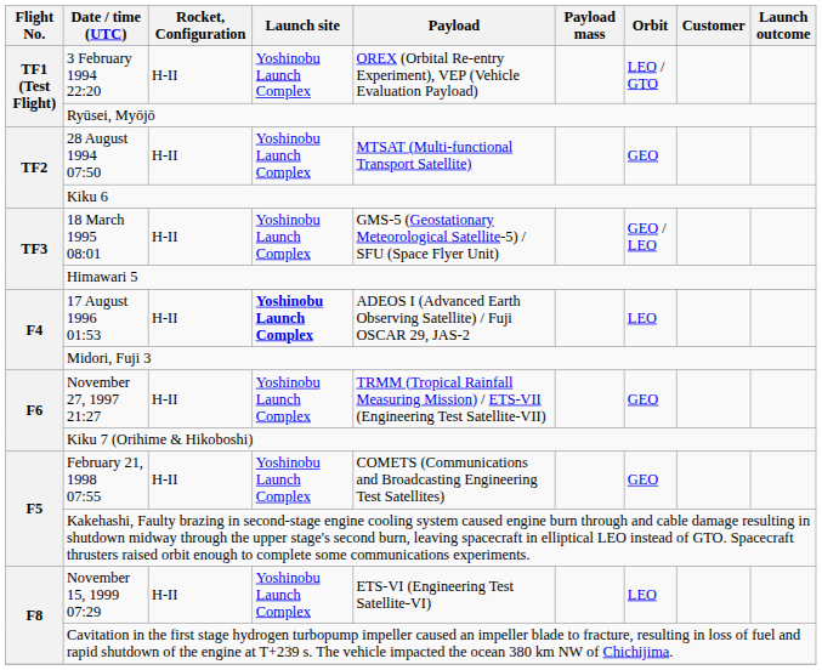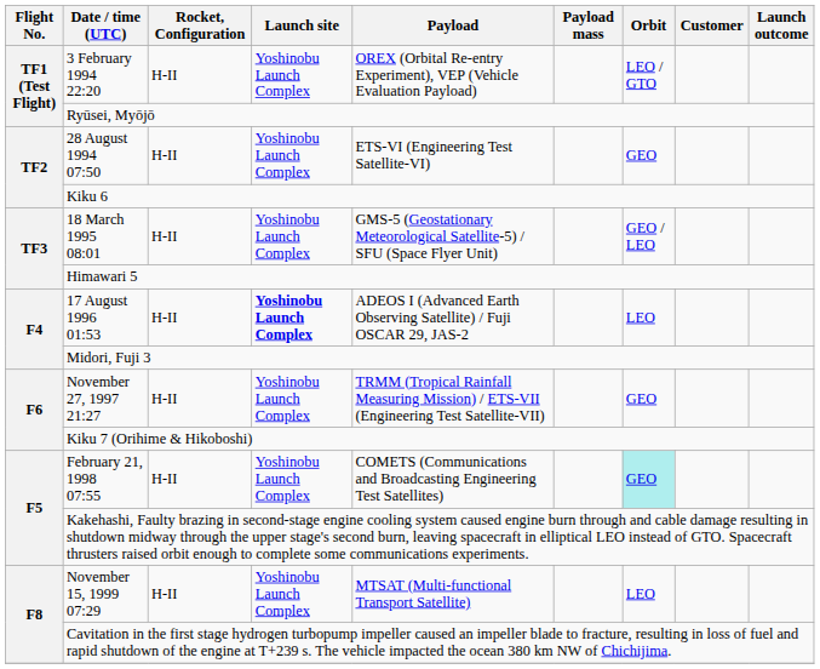 <table class="wikitable">
 <tr>
 <th scope="col">Flight No.</th>
 <th scope="col">Date / time (<a href='#'>UTC</a>)</th>
 <th scope="col">Rocket, <br> Configuration</th>
 <th scope="col">Launch site</th>
 <th scope="col">Payload</th>
 <th scope="col">Payload mass</th>
 <th scope="col">Orbit</th>
 <th scope="col">Customer</th>
 <th scope="col">Launch <br> outcome</th>
 </tr>
 <tr>
 <th scope="row" rowspan=2 style="text-align:center;">TF1 (Test Flight)</th>
 <td>3 February 1994<br>22:20</td>
 <td>H-II</td>
 <td><a href='#'>Yoshinobu Launch Complex</a></td>
 <td><a href='#'>OREX</a> (Orbital Re-entry Experiment), VEP (Vehicle Evaluation Payload)</td>
 <td></td>
 <td><a href='#'>LEO</a> / <a href='#'>GTO</a></td>
 <td></td>
 <td></td>
 </tr>
 <tr>
 <td colspan="8">Ryūsei, Myōjō</td>
 </tr>
 <tr>
 <th scope="row" rowspan=2 style="text-align:center;">TF2</th>
 <td>28 August 1994<br>07:50</td>
 <td>H-II</td>
 <td><a href='#'>Yoshinobu Launch Complex</a></td>
-<td><a href='#'>MTSAT (Multi-functional Transport Satellite)</a></td>
+<td>ETS-VI (Engineering Test Satellite-VI)</td>
 <td></td>
 <td><a href='#'>GEO</a></td>
 <td></td>
 <td></td>
 </tr>
 <tr>
 <td colspan="8">Kiku 6</td>
 </tr>
 <tr>
 <th scope="row" rowspan=2 style="text-align:center;">TF3</th>
 <td>18 March 1995<br>08:01</td>
 <td>H-II</td>
 <td><a href='#'>Yoshinobu Launch Complex</a></td>
 <td>GMS-5 (<a href='#'>Geostationary Meteorological Satellite</a>-5) / SFU (Space Flyer Unit)</td>
 <td></td>
 <td><a href='#'>GEO</a> / <a href='#'>LEO</a></td>
 <td></td>
 <td></td>
 </tr>
 <tr>
 <td colspan="8">Himawari 5</td>
 </tr>
 <tr>
 <th scope="row" rowspan=2 style="text-align:center;">F4</th>
 <td>17 August 1996<br>01:53</td>
 <td>H-II</td>
 <td><strong><a href='#'>Yoshinobu Launch Complex</a></strong></td>
 <td>ADEOS I (Advanced Earth Observing Satellite) / Fuji OSCAR 29, JAS-2</td>
 <td></td>
 <td><a href='#'>LEO</a></td>
 <td></td>
 <td></td>
 </tr>
 <tr>
 <td colspan="8">Midori, Fuji 3</td>
 </tr>
 <tr>
 <th scope="row" rowspan=2 style="text-align:center;">F6</th>
 <td>November 27, 1997<br>21:27</td>
 <td>H-II</td>
 <td><a href='#'>Yoshinobu Launch Complex</a></td>
 <td><a href='#'>TRMM (Tropical Rainfall Measuring Mission)</a> / <a href='#'>ETS-VII</a> (Engineering Test Satellite-VII)</td>
 <td></td>
 <td><a href='#'>GEO</a></td>
 <td></td>
 <td></td>
 </tr>
 <tr>
 <td colspan="8">Kiku 7 (Orihime & Hikoboshi)</td>
 </tr>
 <tr>
 <th scope="row" rowspan=2 style="text-align:center;">F5</th>
 <td>February 21, 1998<br>07:55</td>
 <td>H-II</td>
 <td><a href='#'>Yoshinobu Launch Complex</a></td>
 <td>COMETS (Communications and Broadcasting Engineering Test Satellites)</td>
 <td></td>
-<td><a href='#'>GEO</a></td>
+<td style="background: paleturquoise;"><a href='#'>GEO</a></td>
 <td></td>
 <td></td>
 </tr>
 <tr>
 <td colspan="8">Kakehashi, Faulty brazing in second-stage engine cooling system caused engine burn through and cable damage resulting in shutdown midway through the upper stage's second burn, leaving spacecraft in elliptical LEO instead of GTO. Spacecraft thrusters raised orbit enough to complete some communications experiments.</td>
 </tr>
 <tr>
 <th scope="row" rowspan=2 style="text-align:center;">F8</th>
 <td>November 15, 1999<br>07:29</td>
 <td>H-II</td>
 <td><a href='#'>Yoshinobu Launch Complex</a></td>
-<td>ETS-VI (Engineering Test Satellite-VI)</td>
+<td><a href='#'>MTSAT (Multi-functional Transport Satellite)</a></td>
 <td></td>
 <td><a href='#'>LEO</a></td>
 <td></td>
 <td></td>
 </tr>
 <tr>
 <td colspan="8">Cavitation in the first stage hydrogen turbopump impeller caused an impeller blade to fracture, resulting in loss of fuel and rapid shutdown of the engine at T+239 s. The vehicle impacted the ocean 380 km NW of <a href='#'>Chichijima</a>.</td>
 </tr>
 <tr>
 </tr>
 </table>
